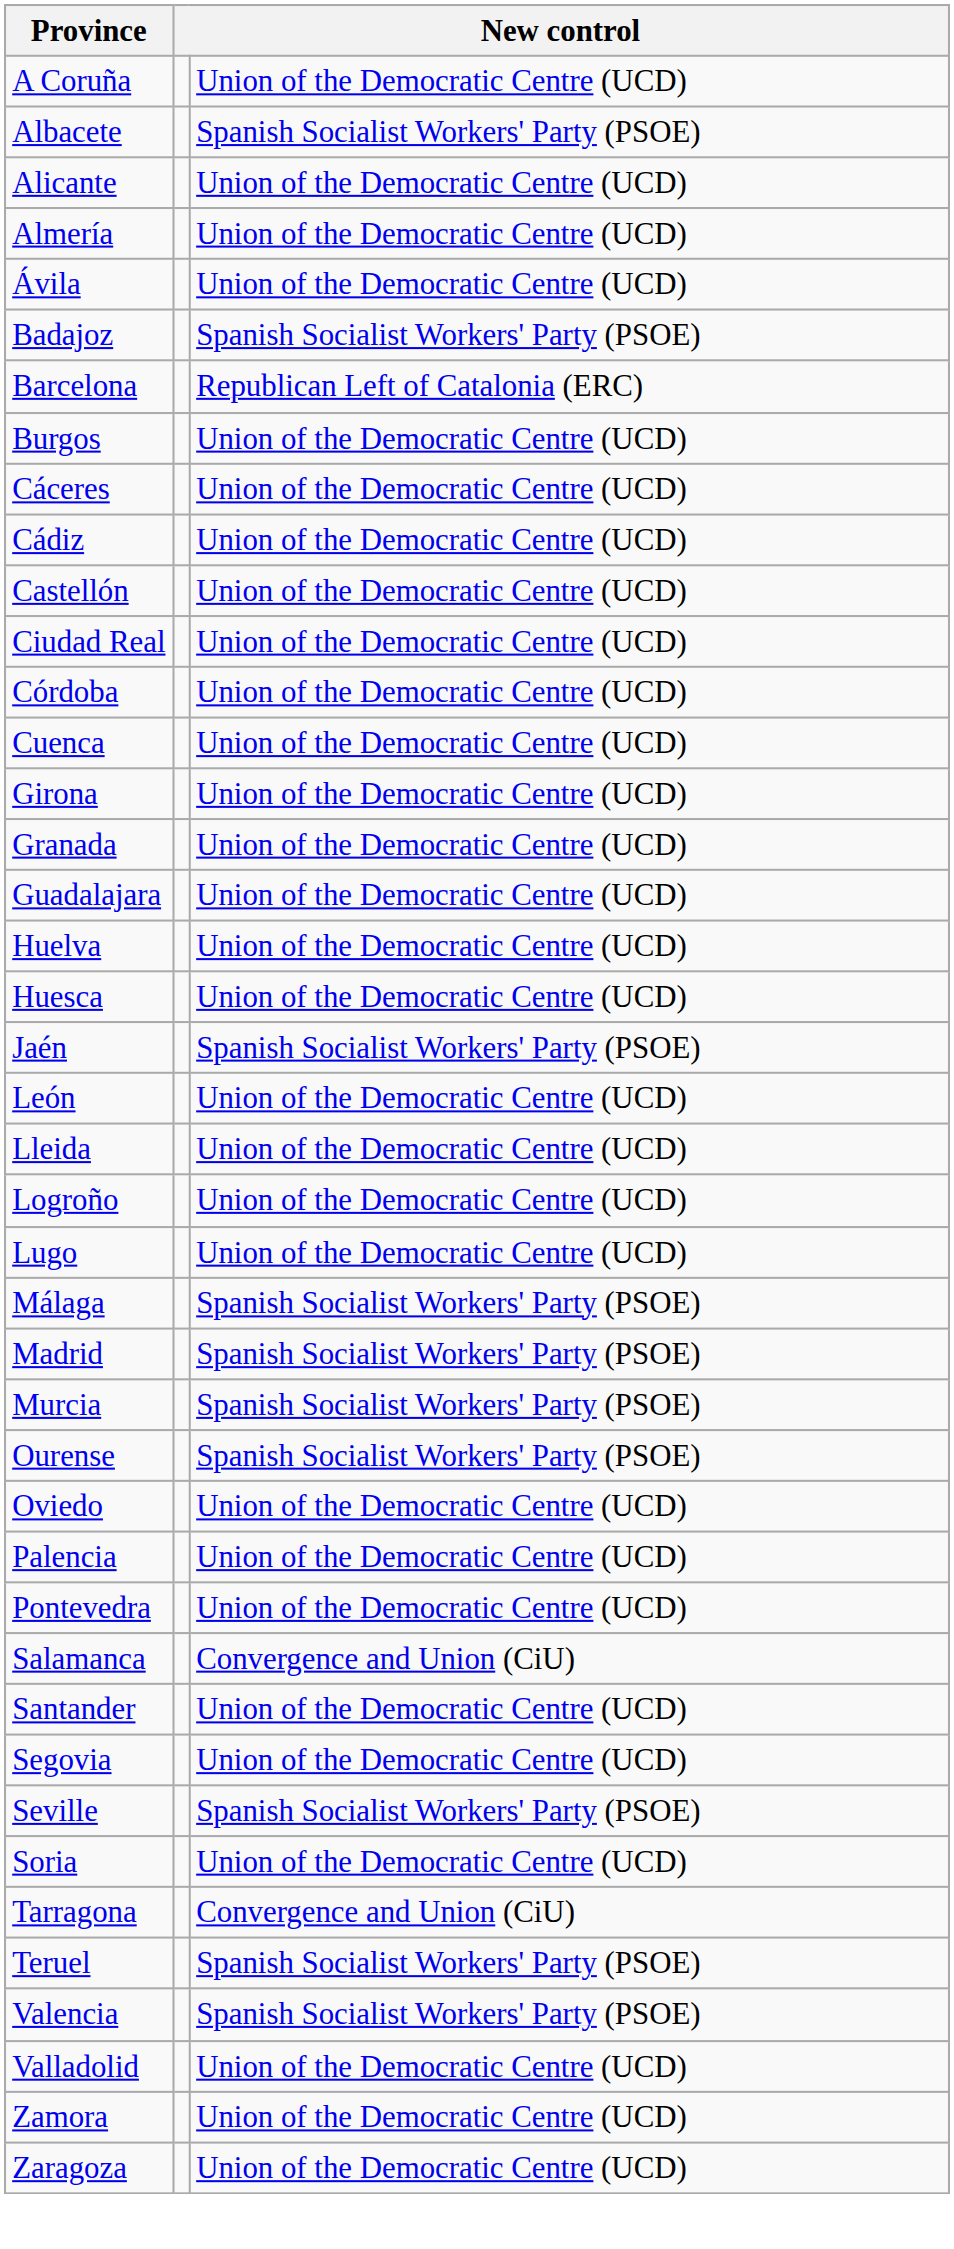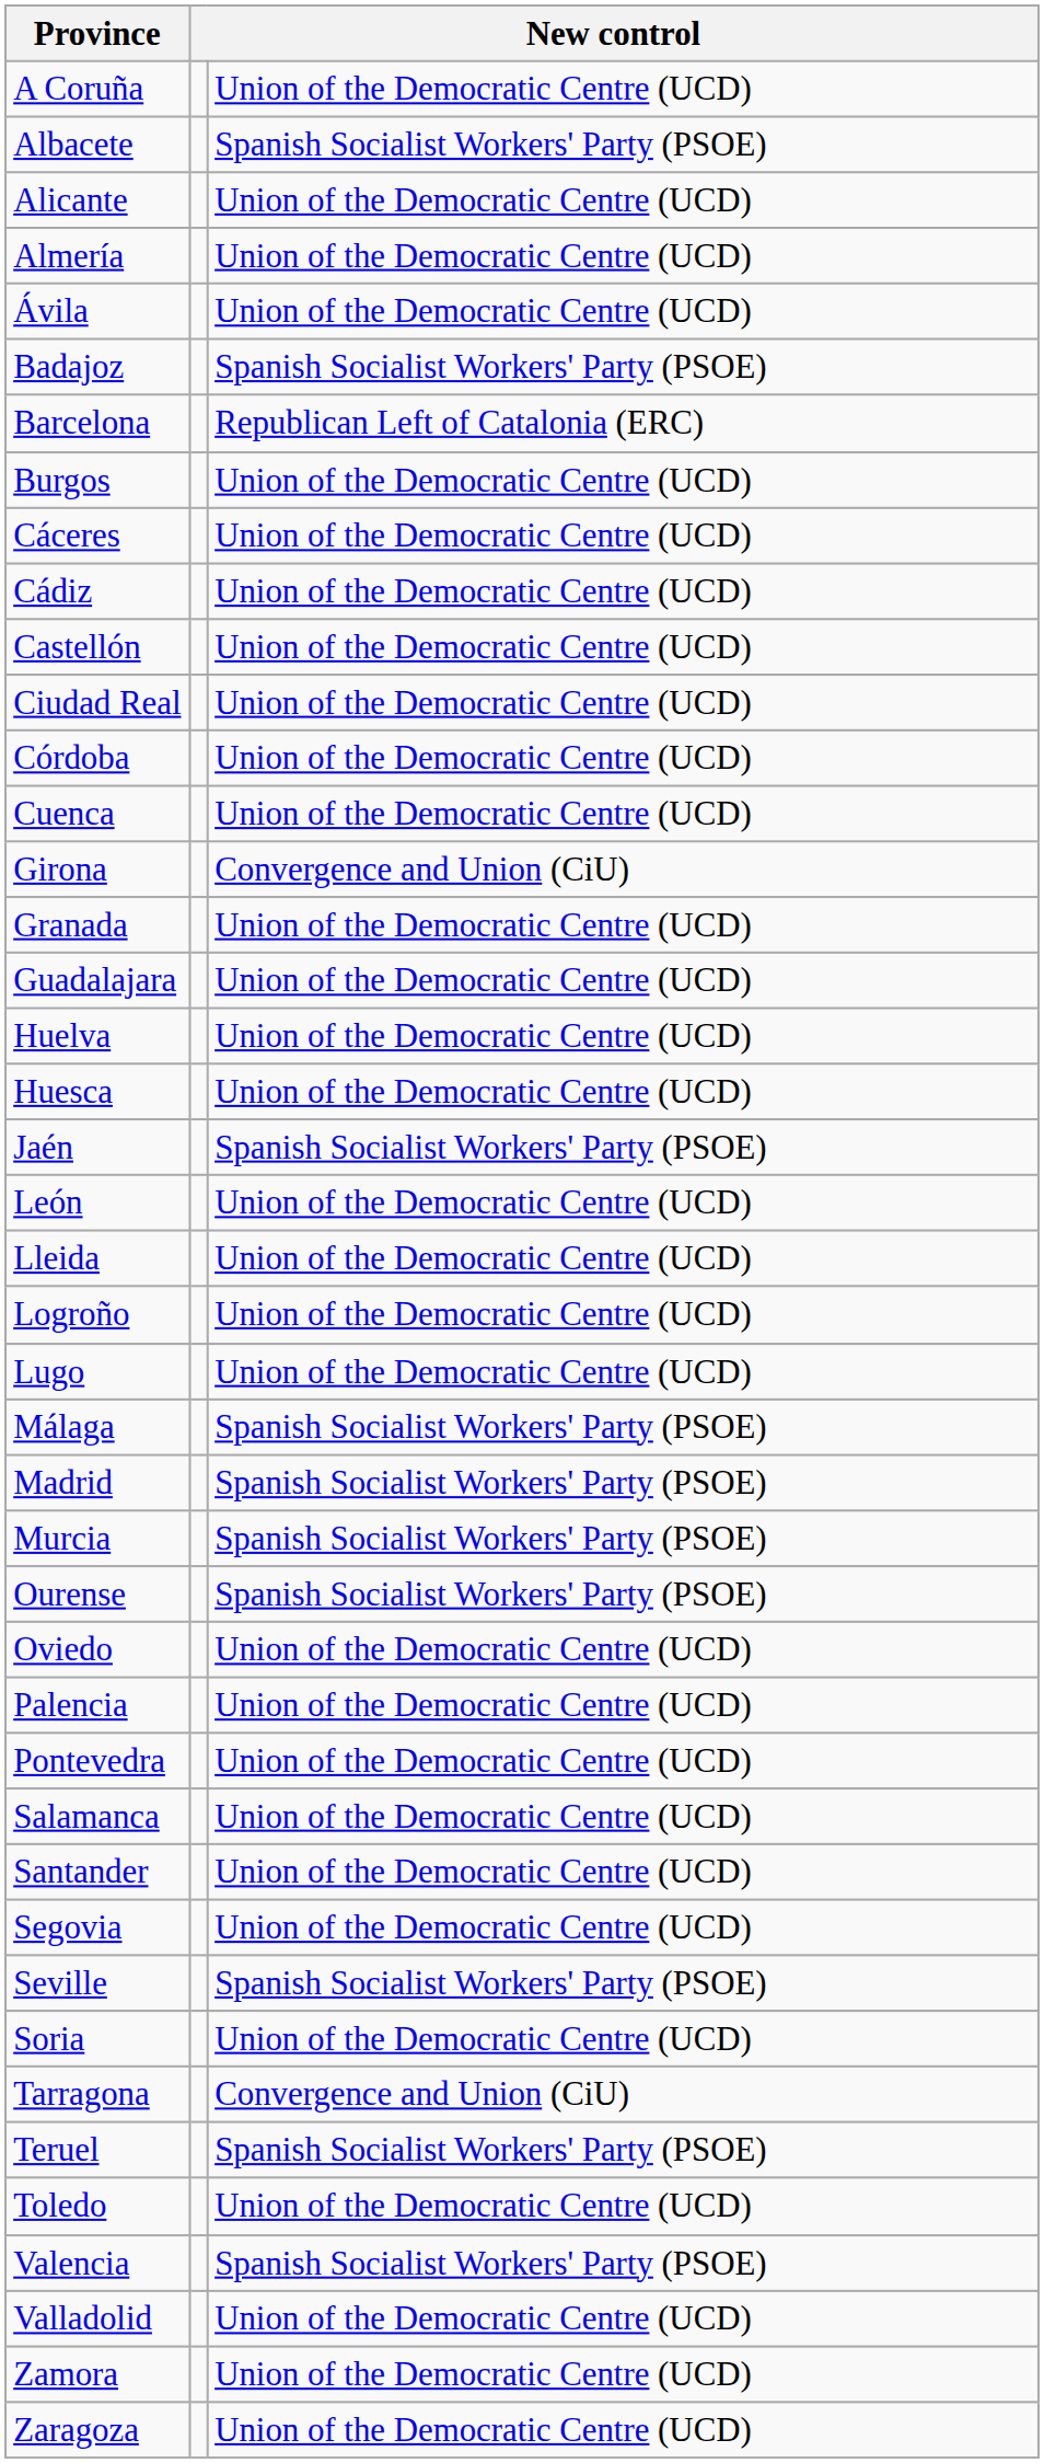 <table class="wikitable sortable" style="font-size:95%;">
 <tr>
 <th>Province</th>
 <th colspan="2" style="width:375px;">New control</th>
 </tr>
 <tr>
 <td><a href='#'>A Coruña</a></td>
 <td width="1" style="color:inherit;background:"></td>
 <td><a href='#'>Union of the Democratic Centre</a> (UCD)</td>
 </tr>
 <tr>
 <td><a href='#'>Albacete</a></td>
 <td style="color:inherit;background:"></td>
 <td><a href='#'>Spanish Socialist Workers' Party</a> (PSOE)</td>
 </tr>
 <tr>
 <td><a href='#'>Alicante</a></td>
 <td style="color:inherit;background:"></td>
 <td><a href='#'>Union of the Democratic Centre</a> (UCD)</td>
 </tr>
 <tr>
 <td><a href='#'>Almería</a></td>
 <td style="color:inherit;background:"></td>
 <td><a href='#'>Union of the Democratic Centre</a> (UCD)</td>
 </tr>
 <tr>
 <td><a href='#'>Ávila</a></td>
 <td style="color:inherit;background:"></td>
 <td><a href='#'>Union of the Democratic Centre</a> (UCD)</td>
 </tr>
 <tr>
 <td><a href='#'>Badajoz</a></td>
 <td style="color:inherit;background:"></td>
 <td><a href='#'>Spanish Socialist Workers' Party</a> (PSOE)</td>
 </tr>
 <tr>
 <td><a href='#'>Barcelona</a></td>
 <td style="color:inherit;background:"></td>
 <td><a href='#'>Republican Left of Catalonia</a> (ERC) </td>
 </tr>
 <tr>
 <td><a href='#'>Burgos</a></td>
 <td style="color:inherit;background:"></td>
 <td><a href='#'>Union of the Democratic Centre</a> (UCD)</td>
 </tr>
 <tr>
 <td><a href='#'>Cáceres</a></td>
 <td style="color:inherit;background:"></td>
 <td><a href='#'>Union of the Democratic Centre</a> (UCD)</td>
 </tr>
 <tr>
 <td><a href='#'>Cádiz</a></td>
 <td style="color:inherit;background:"></td>
 <td><a href='#'>Union of the Democratic Centre</a> (UCD)</td>
 </tr>
 <tr>
 <td><a href='#'>Castellón</a></td>
 <td style="color:inherit;background:"></td>
 <td><a href='#'>Union of the Democratic Centre</a> (UCD)</td>
 </tr>
 <tr>
 <td><a href='#'>Ciudad Real</a></td>
 <td style="color:inherit;background:"></td>
 <td><a href='#'>Union of the Democratic Centre</a> (UCD)</td>
 </tr>
 <tr>
 <td><a href='#'>Córdoba</a></td>
 <td style="color:inherit;background:"></td>
 <td><a href='#'>Union of the Democratic Centre</a> (UCD)</td>
 </tr>
 <tr>
 <td><a href='#'>Cuenca</a></td>
 <td style="color:inherit;background:"></td>
 <td><a href='#'>Union of the Democratic Centre</a> (UCD)</td>
 </tr>
 <tr>
 <td><a href='#'>Girona</a></td>
 <td style="color:inherit;background:"></td>
-<td><a href='#'>Union of the Democratic Centre</a> (UCD)</td>
+<td><a href='#'>Convergence and Union</a> (CiU)</td>
 </tr>
 <tr>
 <td><a href='#'>Granada</a></td>
 <td style="color:inherit;background:"></td>
 <td><a href='#'>Union of the Democratic Centre</a> (UCD)</td>
 </tr>
 <tr>
 <td><a href='#'>Guadalajara</a></td>
 <td style="color:inherit;background:"></td>
 <td><a href='#'>Union of the Democratic Centre</a> (UCD)</td>
 </tr>
 <tr>
 <td><a href='#'>Huelva</a></td>
 <td style="color:inherit;background:"></td>
 <td><a href='#'>Union of the Democratic Centre</a> (UCD)</td>
 </tr>
 <tr>
 <td><a href='#'>Huesca</a></td>
 <td style="color:inherit;background:"></td>
 <td><a href='#'>Union of the Democratic Centre</a> (UCD)</td>
 </tr>
 <tr>
 <td><a href='#'>Jaén</a></td>
 <td style="color:inherit;background:"></td>
 <td><a href='#'>Spanish Socialist Workers' Party</a> (PSOE)</td>
 </tr>
 <tr>
 <td><a href='#'>León</a></td>
 <td style="color:inherit;background:"></td>
 <td><a href='#'>Union of the Democratic Centre</a> (UCD)</td>
 </tr>
 <tr>
 <td><a href='#'>Lleida</a></td>
 <td style="color:inherit;background:"></td>
 <td><a href='#'>Union of the Democratic Centre</a> (UCD)</td>
 </tr>
 <tr>
 <td><a href='#'>Logroño</a></td>
 <td style="color:inherit;background:"></td>
 <td><a href='#'>Union of the Democratic Centre</a> (UCD)</td>
 </tr>
 <tr>
 <td><a href='#'>Lugo</a></td>
 <td style="color:inherit;background:"></td>
 <td><a href='#'>Union of the Democratic Centre</a> (UCD)</td>
 </tr>
 <tr>
 <td><a href='#'>Málaga</a></td>
 <td style="color:inherit;background:"></td>
 <td><a href='#'>Spanish Socialist Workers' Party</a> (PSOE)</td>
 </tr>
 <tr>
 <td><a href='#'>Madrid</a></td>
 <td style="color:inherit;background:"></td>
 <td><a href='#'>Spanish Socialist Workers' Party</a> (PSOE)</td>
 </tr>
 <tr>
 <td><a href='#'>Murcia</a></td>
 <td style="color:inherit;background:"></td>
 <td><a href='#'>Spanish Socialist Workers' Party</a> (PSOE)</td>
 </tr>
 <tr>
 <td><a href='#'>Ourense</a></td>
 <td style="color:inherit;background:"></td>
 <td><a href='#'>Spanish Socialist Workers' Party</a> (PSOE)</td>
 </tr>
 <tr>
 <td><a href='#'>Oviedo</a></td>
 <td style="color:inherit;background:"></td>
 <td><a href='#'>Union of the Democratic Centre</a> (UCD)</td>
 </tr>
 <tr>
 <td><a href='#'>Palencia</a></td>
 <td style="color:inherit;background:"></td>
 <td><a href='#'>Union of the Democratic Centre</a> (UCD)</td>
 </tr>
 <tr>
 <td><a href='#'>Pontevedra</a></td>
 <td style="color:inherit;background:"></td>
 <td><a href='#'>Union of the Democratic Centre</a> (UCD)</td>
 </tr>
 <tr>
 <td><a href='#'>Salamanca</a></td>
 <td style="color:inherit;background:"></td>
-<td><a href='#'>Convergence and Union</a> (CiU)</td>
+<td><a href='#'>Union of the Democratic Centre</a> (UCD)</td>
 </tr>
 <tr>
 <td><a href='#'>Santander</a></td>
 <td style="color:inherit;background:"></td>
 <td><a href='#'>Union of the Democratic Centre</a> (UCD)</td>
 </tr>
 <tr>
 <td><a href='#'>Segovia</a></td>
 <td style="color:inherit;background:"></td>
 <td><a href='#'>Union of the Democratic Centre</a> (UCD)</td>
 </tr>
 <tr>
 <td><a href='#'>Seville</a></td>
 <td style="color:inherit;background:"></td>
 <td><a href='#'>Spanish Socialist Workers' Party</a> (PSOE)</td>
 </tr>
 <tr>
 <td><a href='#'>Soria</a></td>
 <td style="color:inherit;background:"></td>
 <td><a href='#'>Union of the Democratic Centre</a> (UCD)</td>
 </tr>
 <tr>
 <td><a href='#'>Tarragona</a></td>
 <td style="color:inherit;background:"></td>
 <td><a href='#'>Convergence and Union</a> (CiU)</td>
 </tr>
 <tr>
 <td><a href='#'>Teruel</a></td>
 <td style="color:inherit;background:"></td>
 <td><a href='#'>Spanish Socialist Workers' Party</a> (PSOE)</td>
 </tr>
 <tr>
+<td><a href='#'>Toledo</a></td>
+<td style="color:inherit;background:"></td>
+<td><a href='#'>Union of the Democratic Centre</a> (UCD)</td>
+</tr>
+<tr>
 <td><a href='#'>Valencia</a></td>
 <td style="color:inherit;background:"></td>
 <td><a href='#'>Spanish Socialist Workers' Party</a> (PSOE)</td>
 </tr>
 <tr>
 <td><a href='#'>Valladolid</a></td>
 <td style="color:inherit;background:"></td>
 <td><a href='#'>Union of the Democratic Centre</a> (UCD)</td>
 </tr>
 <tr>
 <td><a href='#'>Zamora</a></td>
 <td style="color:inherit;background:"></td>
 <td><a href='#'>Union of the Democratic Centre</a> (UCD)</td>
 </tr>
 <tr>
 <td><a href='#'>Zaragoza</a></td>
 <td style="color:inherit;background:"></td>
 <td><a href='#'>Union of the Democratic Centre</a> (UCD)</td>
 </tr>
 </table>
